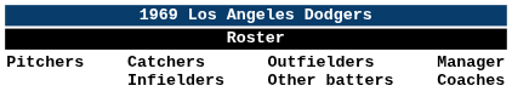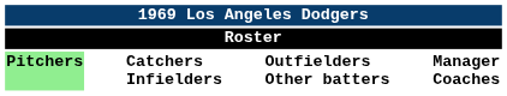 <table class="toccolours" style="font-size: 95%;">
 <tr>
 <th colspan="10" style="background-color: #083c6b; color: white; text-align: center;">1969 Los Angeles Dodgers</th>
 </tr>
 <tr>
 <td colspan="10" style="background-color: black; color: white; text-align: center;"><strong>Roster</strong></td>
 </tr>
 <tr>
-<td valign="top"><strong>Pitchers</strong><br>                        </td>
+<td valign="top" style="background: lightgreen;"><strong>Pitchers</strong><br>                        </td>
 <td width="25px"></td>
 <td valign="top"><strong>Catchers</strong><br>   <strong>Infielders</strong>          </td>
 <td width="25px"></td>
 <td valign="top"><strong>Outfielders</strong><br>        <strong>Other batters</strong>   </td>
 <td width="25px"></td>
 <td valign="top"><strong>Manager</strong><br> <strong>Coaches</strong>     </td>
 </tr>
 </table>
